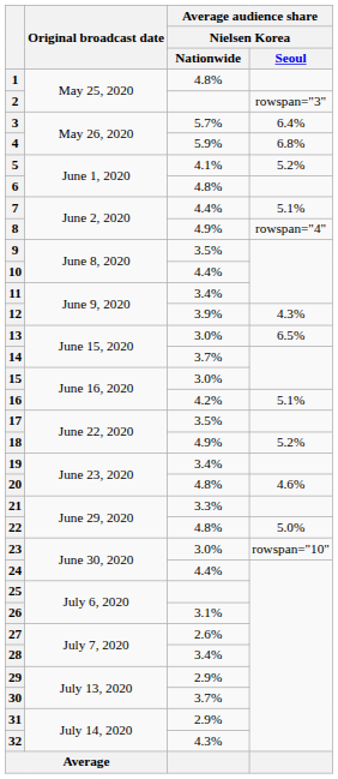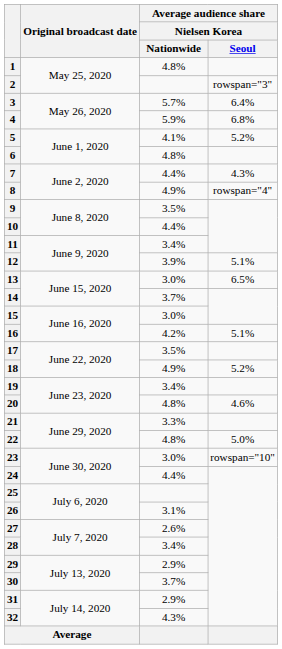 <table class="wikitable" style="text-align:center">
 <tr>
 <th rowspan="3"></th>
 <th rowspan="3">Original broadcast date</th>
 <th colspan="2">Average audience share</th>
 </tr>
 <tr>
 <th colspan="2">Nielsen Korea</th>
 </tr>
 <tr>
 <th width="90">Nationwide</th>
 <th width="90"><a href='#'>Seoul</a></th>
 </tr>
 <tr>
 <th>1</th>
 <td rowspan="2">May 25, 2020</td>
 <td>4.8%</td>
 <td></td>
 </tr>
 <tr>
 <th>2</th>
 <td></td>
 <td>rowspan="3" </td>
 </tr>
 <tr>
 <th>3</th>
 <td rowspan="2">May 26, 2020</td>
 <td>5.7%</td>
 <td>6.4%</td>
 </tr>
 <tr>
 <th>4</th>
 <td>5.9%</td>
 <td>6.8%</td>
 </tr>
 <tr>
 <th>5</th>
 <td rowspan="2">June 1, 2020</td>
 <td>4.1%</td>
 <td>5.2%</td>
 </tr>
 <tr>
 <th>6</th>
 <td>4.8%</td>
 <td></td>
 </tr>
 <tr>
 <th>7</th>
 <td rowspan="2">June 2, 2020</td>
 <td>4.4%</td>
-<td>5.1%</td>
+<td>4.3%</td>
 </tr>
 <tr>
 <th>8</th>
 <td>4.9%</td>
 <td>rowspan="4" </td>
 </tr>
 <tr>
 <th>9</th>
 <td rowspan="2">June 8, 2020</td>
 <td>3.5%</td>
 </tr>
 <tr>
 <th>10</th>
 <td>4.4%</td>
 </tr>
 <tr>
 <th>11</th>
 <td rowspan="2">June 9, 2020</td>
 <td>3.4%</td>
 </tr>
 <tr>
 <th>12</th>
 <td>3.9%</td>
-<td>4.3%</td>
+<td>5.1%</td>
 </tr>
 <tr>
 <th>13</th>
 <td rowspan="2">June 15, 2020</td>
 <td>3.0%</td>
 <td>6.5%</td>
 </tr>
 <tr>
 <th>14</th>
 <td>3.7%</td>
 </tr>
 <tr>
 <th>15</th>
 <td rowspan="2">June 16, 2020</td>
 <td>3.0%</td>
 </tr>
 <tr>
 <th>16</th>
 <td>4.2%</td>
 <td>5.1%</td>
 </tr>
 <tr>
 <th>17</th>
 <td rowspan="2">June 22, 2020</td>
 <td>3.5%</td>
 <td></td>
 </tr>
 <tr>
 <th>18</th>
 <td>4.9%</td>
 <td>5.2%</td>
 </tr>
 <tr>
 <th>19</th>
 <td rowspan="2">June 23, 2020</td>
 <td>3.4%</td>
 <td></td>
 </tr>
 <tr>
 <th>20</th>
 <td>4.8%</td>
 <td>4.6%</td>
 </tr>
 <tr>
 <th>21</th>
 <td rowspan="2">June 29, 2020</td>
 <td>3.3%</td>
 <td></td>
 </tr>
 <tr>
 <th>22</th>
 <td>4.8%</td>
 <td>5.0%</td>
 </tr>
 <tr>
 <th>23</th>
 <td rowspan="2">June 30, 2020</td>
 <td>3.0%</td>
 <td>rowspan="10" </td>
 </tr>
 <tr>
 <th>24</th>
 <td>4.4%</td>
 </tr>
 <tr>
 <th>25</th>
 <td rowspan="2">July 6, 2020</td>
 <td></td>
 </tr>
 <tr>
 <th>26</th>
 <td>3.1%</td>
 </tr>
 <tr>
 <th>27</th>
 <td rowspan="2">July 7, 2020</td>
 <td>2.6%</td>
 </tr>
 <tr>
 <th>28</th>
 <td>3.4%</td>
 </tr>
 <tr>
 <th>29</th>
 <td rowspan="2">July 13, 2020</td>
 <td>2.9%</td>
 </tr>
 <tr>
 <th>30</th>
 <td>3.7%</td>
 </tr>
 <tr>
 <th>31</th>
 <td rowspan="2">July 14, 2020</td>
 <td>2.9%</td>
 </tr>
 <tr>
 <th>32</th>
 <td>4.3%</td>
 </tr>
 <tr>
 <th colspan="2">Average</th>
 <th></th>
 <th></th>
 </tr>
 </table>
